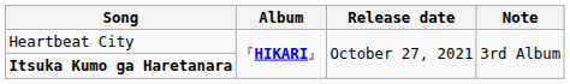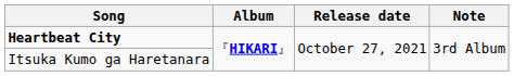 <table class="wikitable">
 <tr>
 <th>Song</th>
 <th>Album</th>
 <th>Release date</th>
 <th>Note</th>
 </tr>
 <tr>
-<td>Heartbeat City</td>
+<td><strong>Heartbeat City</strong></td>
 <td rowspan="2">『<strong><a href='#'>HIKARI</a></strong>』</td>
 <td rowspan="2">October 27, 2021</td>
 <td rowspan="2">3rd Album</td>
 </tr>
 <tr>
-<td><strong>Itsuka Kumo ga Haretanara</strong></td>
+<td>Itsuka Kumo ga Haretanara</td>
 </tr>
 </table>
